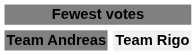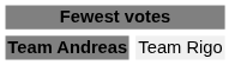 <table cellpadding=2 cellspacing=6>
 <tr bgcolor=#808080>
 <td colspan="2" align="center"><strong>Fewest votes</strong></td>
 </tr>
 <tr>
 <td bgcolor="#808080"><strong>Team Andreas</strong></td>
-<td bgcolor="#F0F0F0"><strong>Team Rigo</strong></td>
+<td bgcolor="#F0F0F0">Team Rigo</td>
 </tr>
 </table>
